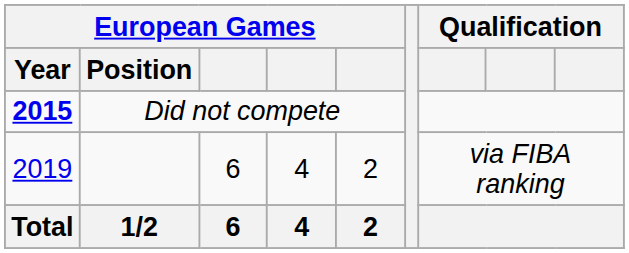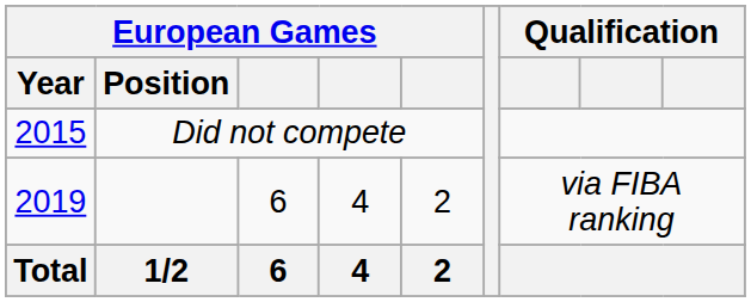 <table class="wikitable" style="text-align: center;font-size:90%;">
 <tr>
 <th colspan=5><a href='#'>European Games</a></th>
 <th rowspan=50></th>
 <th colspan=3>Qualification</th>
 </tr>
 <tr>
 <th>Year</th>
 <th>Position</th>
 <th width=30></th>
 <th width=30></th>
 <th width=30></th>
 <th width=30></th>
 <th width=30></th>
 <th width=30></th>
 </tr>
 <tr>
-<td><strong> <a href='#'>2015</a></strong></td>
+<td> <a href='#'>2015</a></td>
 <td colspan=4><em>Did not compete</em></td>
 <td colspan=3></td>
 </tr>
 <tr>
 <td> <a href='#'>2019</a></td>
 <td></td>
 <td>6</td>
 <td>4</td>
 <td>2</td>
 <td colspan=3><em>via FIBA ranking</em></td>
 </tr>
 <tr>
 <th>Total</th>
 <th>1/2</th>
 <th>6</th>
 <th>4</th>
 <th>2</th>
 <th colspan=3></th>
 </tr>
 </table>
